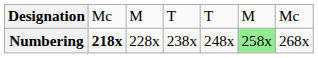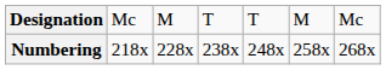 <table class="wikitable">
 <tr>
 <th>Designation</th>
 <td>Mc</td>
 <td>M</td>
 <td>T</td>
 <td>T</td>
 <td>M</td>
 <td>Mc</td>
 </tr>
 <tr>
 <th>Numbering</th>
-<td><strong>218x</strong></td>
+<td>218x</td>
 <td>228x</td>
 <td>238x</td>
 <td>248x</td>
-<td style="background: lightgreen;">258x</td>
+<td>258x</td>
 <td>268x</td>
 </tr>
 </table>
